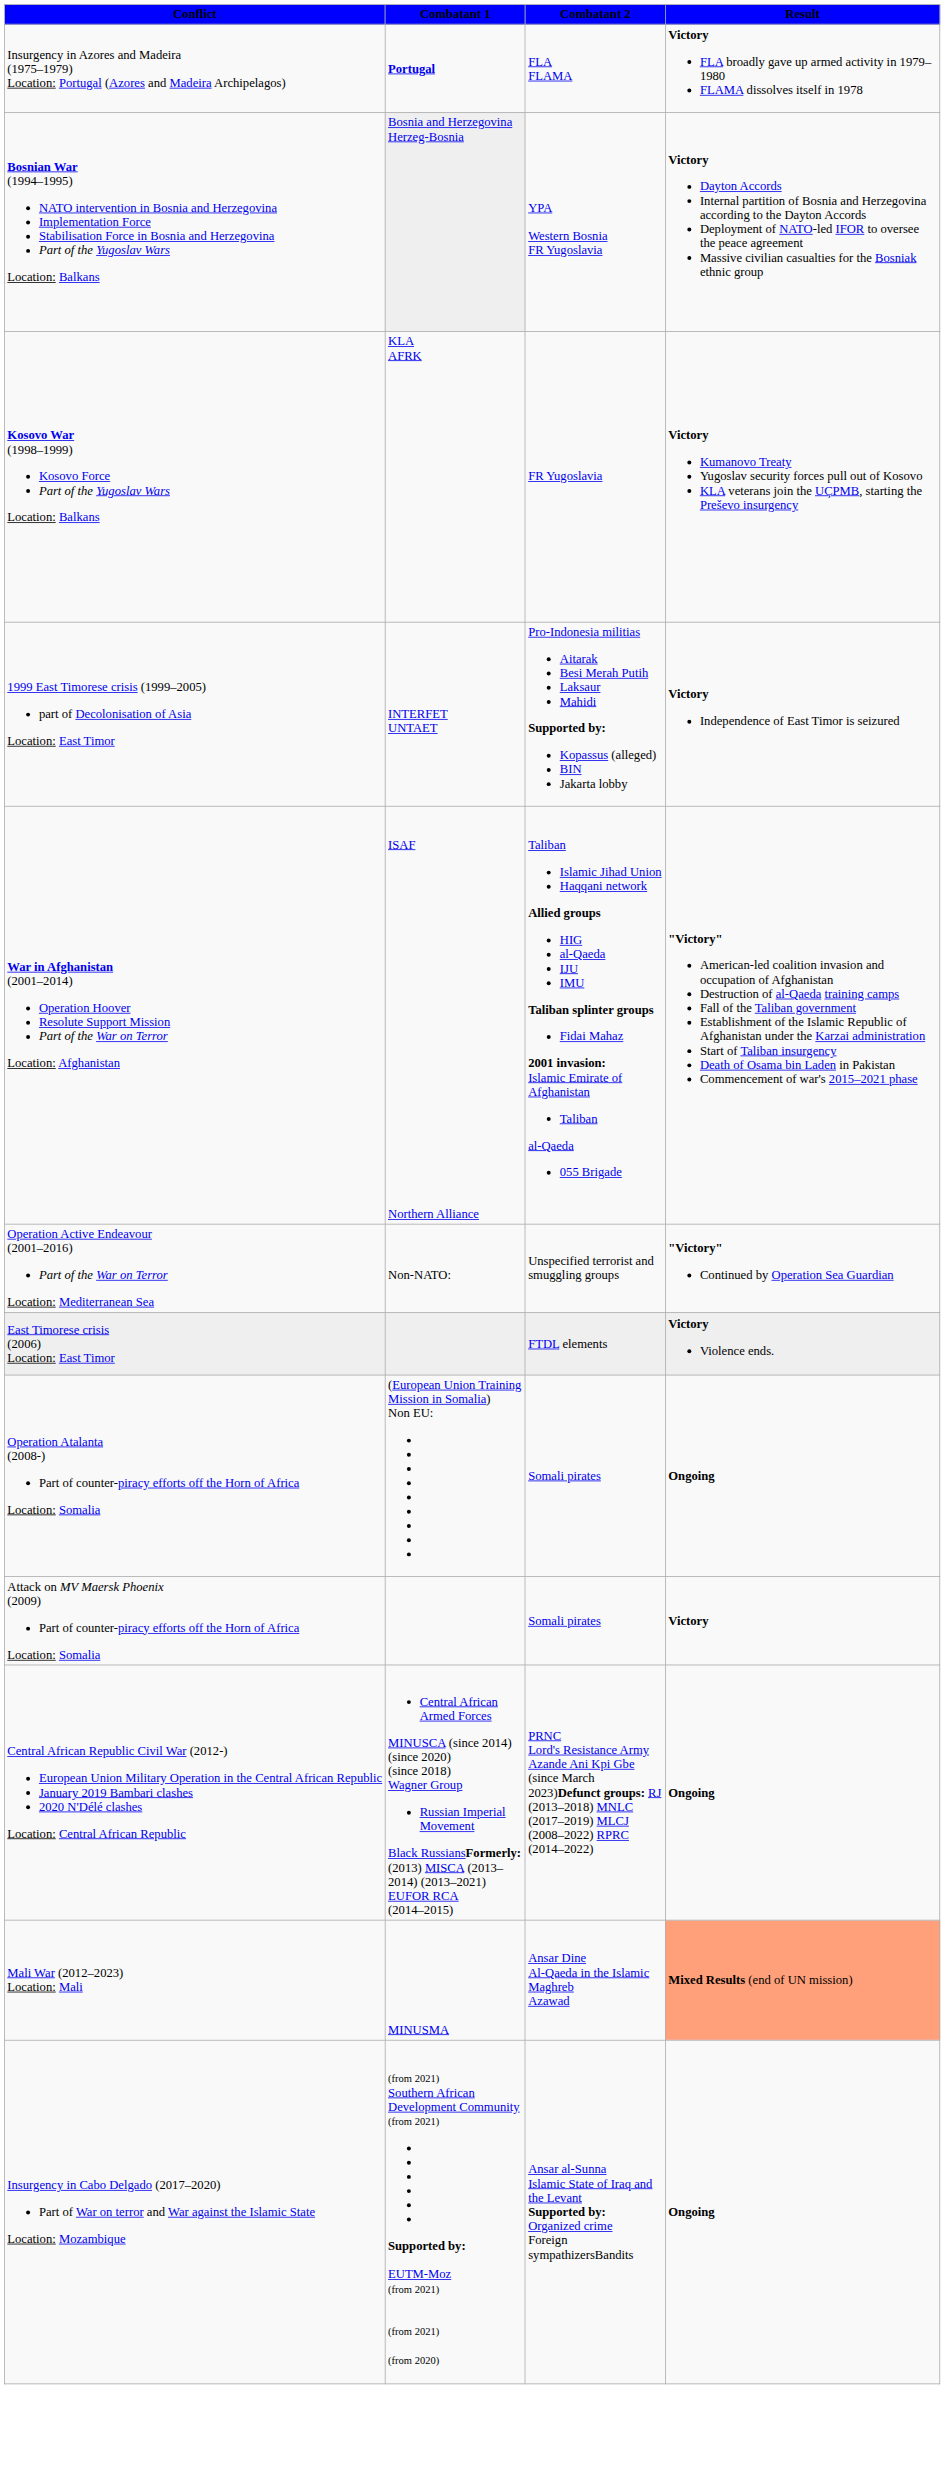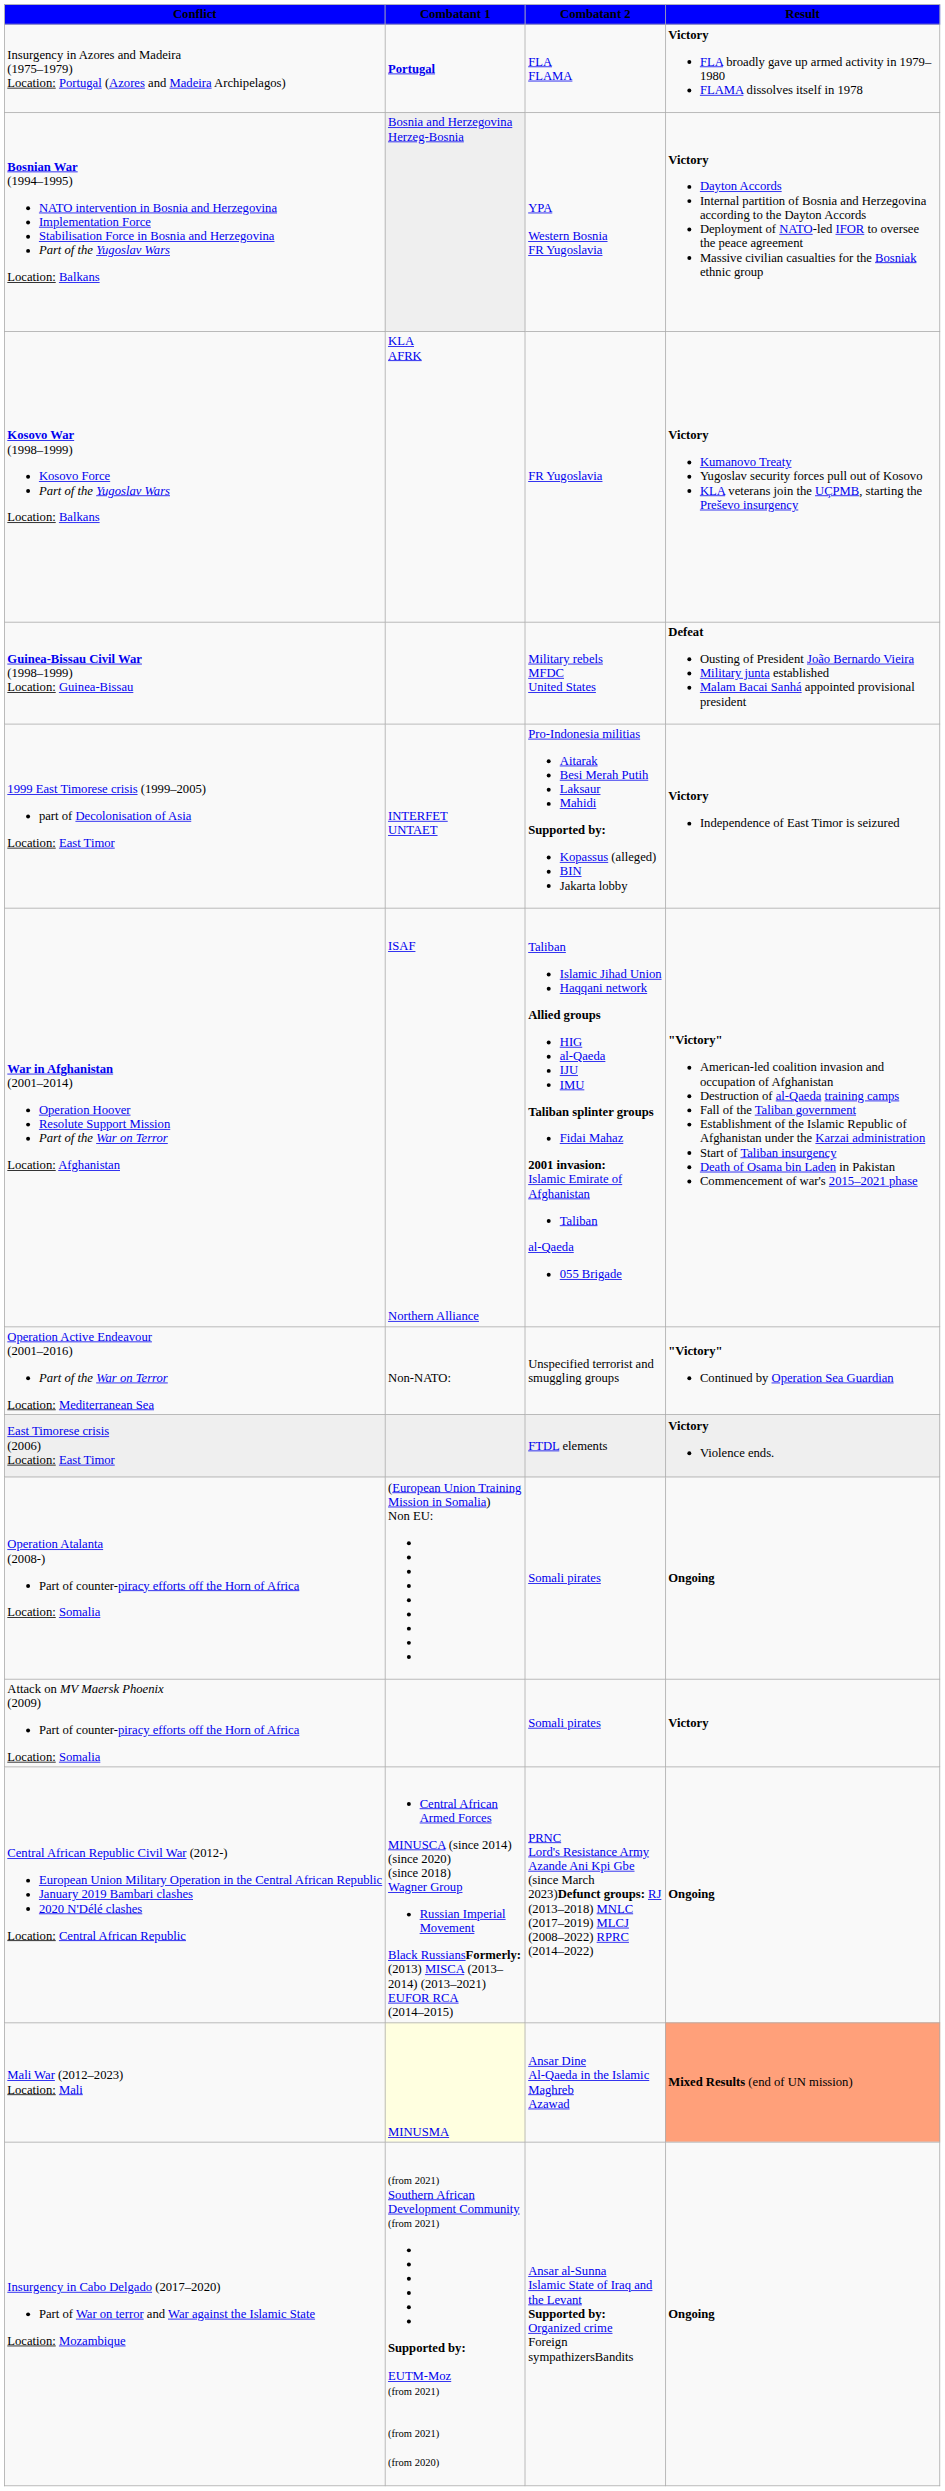 <table class="wikitable">
 <tr>
 <th style="background-color:blue;" rowspan="1"><span>Conflict</span></th>
 <th style="background-color:blue;" rowspan="1" width=170px><span>Combatant 1</span></th>
 <th style="background-color:blue;" rowspan="1" width=170px><span>Combatant 2</span></th>
 <th style="background-color:blue;" rowspan="1" width=340px><span>Result</span></th>
 </tr>
 <tr>
 <td>Insurgency in Azores and Madeira<br>(1975–1979)<br><u>Location:</u> <a href='#'>Portugal</a> (<a href='#'>Azores</a> and <a href='#'>Madeira</a> Archipelagos)</td>
 <td> <strong><a href='#'>Portugal</a></strong></td>
 <td> <a href='#'>FLA</a><br> <a href='#'>FLAMA</a></td>
 <td><strong>Victory</strong><br><ul><li><a href='#'>FLA</a> broadly gave up armed activity in 1979–1980</li><li><a href='#'>FLAMA</a> dissolves itself in 1978</li></ul></td>
 </tr>
 <tr>
 <td><strong><a href='#'>Bosnian War</a></strong><br>(1994–1995)<br><ul><li><a href='#'>NATO intervention in Bosnia and Herzegovina</a></li><li><a href='#'>Implementation Force</a></li><li><a href='#'>Stabilisation Force in Bosnia and Herzegovina</a></li><li><em>Part of the <a href='#'>Yugoslav Wars</a></em></li></ul><u>Location:</u> <a href='#'>Balkans</a></td>
 <td style="background:#efefef"> <a href='#'>Bosnia and Herzegovina</a><br> <a href='#'>Herzeg-Bosnia</a><br> <br><br><br><br><br><br><br><br><br><br><strong></strong><br><br><br></td>
 <td><br>  <a href='#'>YPA</a><br><br> <a href='#'>Western Bosnia</a><br> <a href='#'>FR Yugoslavia</a></td>
 <td><strong>Victory</strong><br><ul><li><a href='#'>Dayton Accords</a></li><li>Internal partition of Bosnia and Herzegovina according to the Dayton Accords</li><li>Deployment of <a href='#'>NATO</a>-led <a href='#'>IFOR</a> to oversee the peace agreement</li><li>Massive civilian casualties for the <a href='#'>Bosniak</a> ethnic group</li></ul></td>
 </tr>
 <tr>
 <td><strong><a href='#'>Kosovo War</a></strong><br>(1998–1999)<br><ul><li><a href='#'>Kosovo Force</a></li><li><em>Part of the <a href='#'>Yugoslav Wars</a></em></li></ul><u>Location:</u> <a href='#'>Balkans</a></td>
 <td> <a href='#'>KLA</a><br> <a href='#'>AFRK</a><br><br><br><br><br><br><br><br><br><br><br><br><br><br><br><strong></strong><br><br><br><br></td>
 <td> <a href='#'>FR Yugoslavia</a></td>
 <td><strong>Victory</strong><br><ul><li><a href='#'>Kumanovo Treaty</a></li><li>Yugoslav security forces pull out of Kosovo</li><li><a href='#'>KLA</a> veterans join the <a href='#'>UÇPMB</a>, starting the <a href='#'>Preševo insurgency</a></li></ul></td>
+</tr>
+<tr>
+<td><strong><a href='#'>Guinea-Bissau Civil War</a></strong><br>(1998–1999)<br><u>Location:</u> <a href='#'>Guinea-Bissau</a></td>
+<td> <br> <br><br><br></td>
+<td> <a href='#'>Military rebels</a> <br> <a href='#'>MFDC</a><br> <a href='#'>United States</a></td>
+<td><strong>Defeat</strong><br><ul><li>Ousting of President <a href='#'>João Bernardo Vieira</a></li><li><a href='#'>Military junta</a> established</li><li><a href='#'>Malam Bacai Sanhá</a> appointed provisional president</li></ul></td>
 </tr>
 <tr>
 <td><a href='#'>1999 East Timorese crisis</a> (1999–2005)<br><ul><li>part of <a href='#'>Decolonisation of Asia</a></li></ul><u>Location:</u> <a href='#'>East Timor</a></td>
 <td><br> <a href='#'>INTERFET</a><br> <a href='#'>UNTAET</a></td>
 <td> <a href='#'>Pro-Indonesia militias</a><br><ul><li><a href='#'>Aitarak</a></li><li><a href='#'>Besi Merah Putih</a></li><li><a href='#'>Laksaur</a></li><li><a href='#'>Mahidi</a></li></ul><strong>Supported by:</strong><ul><li> <a href='#'>Kopassus</a> (alleged)</li><li> <a href='#'>BIN</a></li><li>Jakarta lobby</li></ul></td>
 <td><strong>Victory</strong><br><ul><li>Independence of East Timor is seizured</li></ul></td>
 </tr>
 <tr>
 <td><strong><a href='#'>War in Afghanistan</a></strong><br>(2001–2014)<br><ul><li><a href='#'>Operation Hoover</a></li><li><a href='#'>Resolute Support Mission</a></li><li><em>Part of the <a href='#'>War on Terror</a></em></li></ul><u>Location:</u> <a href='#'>Afghanistan</a></td>
 <td><br><br> <a href='#'>ISAF</a><br><br><br><br><br><br><br><br><br><br><br><br><br><br><br><br><br><br><br><br><br><br><strong></strong><br><br><br><br> <a href='#'>Northern Alliance</a></td>
 <td> <a href='#'>Taliban</a><br><ul><li><a href='#'>Islamic Jihad Union</a></li><li><a href='#'>Haqqani network</a></li></ul><strong>Allied groups</strong><ul><li><a href='#'>HIG</a></li><li><a href='#'>al-Qaeda</a></li><li><a href='#'>IJU</a></li><li><a href='#'>IMU</a></li></ul><strong>Taliban splinter groups</strong><ul><li><a href='#'>Fidai Mahaz</a></li></ul><strong>2001 invasion:</strong><br> <a href='#'>Islamic Emirate of Afghanistan</a><ul><li><a href='#'>Taliban</a></li></ul> <a href='#'>al-Qaeda</a><ul><li><a href='#'>055 Brigade</a></li></ul></td>
 <td><strong>"Victory"</strong><br><ul><li>American-led coalition invasion and occupation of Afghanistan</li><li>Destruction of <a href='#'>al-Qaeda</a> <a href='#'>training camps</a></li><li>Fall of the <a href='#'>Taliban government</a></li><li>Establishment of the Islamic Republic of Afghanistan under the <a href='#'>Karzai administration</a></li><li>Start of <a href='#'>Taliban insurgency</a></li><li><a href='#'>Death of Osama bin Laden</a> in Pakistan</li><li>Commencement of war's <a href='#'>2015–2021 phase</a></li></ul></td>
 </tr>
 <tr>
 <td><a href='#'>Operation Active Endeavour</a><br>(2001–2016)<ul><li><em>Part of the <a href='#'>War on Terror</a></em></li></ul><u>Location:</u> <a href='#'>Mediterranean Sea</a></td>
 <td><br>Non-NATO: </td>
 <td>Unspecified terrorist and smuggling groups</td>
 <td><strong>"Victory"</strong><br><ul><li>Continued by <a href='#'>Operation Sea Guardian</a></li></ul></td>
 </tr>
 <tr>
 <td style="background:#efefef"><a href='#'>East Timorese crisis</a><br>(2006)<br><u>Location:</u> <a href='#'>East Timor</a></td>
 <td style="background:#efefef"><br><br><br><br></td>
 <td style="background:#efefef"> <a href='#'>FTDL</a> elements</td>
 <td style="background:#efefef"><strong>Victory</strong><br><ul><li>Violence ends.</li></ul></td>
 </tr>
 <tr>
 <td><a href='#'>Operation Atalanta</a><br>(2008-)<ul><li>Part of counter-<a href='#'>piracy efforts off the Horn of Africa</a></li></ul><u>Location:</u> <a href='#'>Somalia</a></td>
 <td> (<a href='#'>European Union Training Mission in Somalia</a>)<br>Non EU:<ul><li></li><li></li><li></li><li></li><li></li><li></li><li></li><li></li><li></li></ul></td>
 <td><a href='#'>Somali pirates</a></td>
 <td><strong>Ongoing</strong></td>
 </tr>
 <tr>
 <td>Attack on <em>MV Maersk Phoenix</em><br>(2009)<ul><li>Part of counter-<a href='#'>piracy efforts off the Horn of Africa</a></li></ul><u>Location:</u> <a href='#'>Somalia</a></td>
 <td></td>
 <td><a href='#'>Somali pirates</a></td>
 <td><strong>Victory</strong></td>
 </tr>
 <tr>
 <td><a href='#'>Central African Republic Civil War</a> (2012-)<br><ul><li><a href='#'>European Union Military Operation in the Central African Republic</a></li><li><a href='#'>January 2019 Bambari clashes</a></li><li><a href='#'>2020 N'Délé clashes</a></li></ul><u>Location:</u> <a href='#'>Central African Republic</a></td>
 <td><br><ul><li><a href='#'>Central African Armed Forces</a></li></ul> <a href='#'>MINUSCA</a> (since 2014)<br> (since 2020)<br> (since 2018)<br><a href='#'>Wagner Group</a><ul><li><a href='#'>Russian Imperial Movement</a></li></ul><a href='#'>Black Russians</a><strong>Formerly:</strong>  (2013) <a href='#'>MISCA</a> (2013–2014) (2013–2021)  <a href='#'>EUFOR RCA</a><br>(2014–2015)</td>
 <td> <a href='#'>PRNC</a><br> <a href='#'>Lord's Resistance Army</a><br><a href='#'>Azande Ani Kpi Gbe</a> (since March 2023)<strong>Defunct groups:</strong> <a href='#'>RJ</a> (2013–2018)  <a href='#'>MNLC</a> (2017–2019)  <a href='#'>MLCJ</a> (2008–2022)  <a href='#'>RPRC</a> (2014–2022)</td>
 <td><strong>Ongoing</strong></td>
 </tr>
 <tr>
 <td><a href='#'>Mali War</a> (2012–2023)<br><u>Location:</u> <a href='#'>Mali</a></td>
-<td><br><br><br><br><br><br><br> <a href='#'>MINUSMA</a></td>
+<td style="background: lightyellow;"><br><br><br><br><br><br><br> <a href='#'>MINUSMA</a></td>
 <td> <a href='#'>Ansar Dine</a><br><a href='#'>Al-Qaeda in the Islamic Maghreb</a><br> <a href='#'>Azawad</a></td>
 <td style="background: lightsalmon;"><strong>Mixed Results</strong> (end of UN mission)</td>
 </tr>
 <tr>
 <td><a href='#'>Insurgency in Cabo Delgado</a> (2017–2020)<br><ul><li>Part of <a href='#'>War on terror</a> and <a href='#'>War against the Islamic State</a></li></ul><u>Location:</u> <a href='#'>Mozambique</a></td>
 <td><br><br><small>(from 2021)</small><br> <a href='#'>Southern African Development Community</a> <small>(from 2021)</small><ul><li></li><li></li><li></li><li></li><li></li><li></li></ul><strong>Supported by:</strong><br><br> <a href='#'>EUTM-Moz</a><br><small>(from 2021)</small><br><br><br><small>(from 2021)</small><br><br><small>(from 2020)</small><br><br></td>
 <td> <a href='#'>Ansar al-Sunna</a><br> <a href='#'>Islamic State of Iraq and the Levant</a><br><strong>Supported by:</strong><br><a href='#'>Organized crime</a><br>Foreign sympathizersBandits</td>
 <td><strong>Ongoing</strong></td>
 </tr>
 </table>
